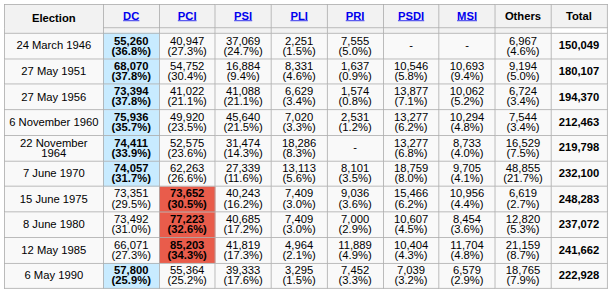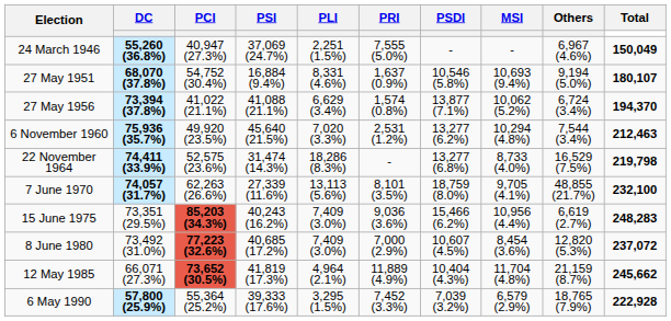 <table class="wikitable" style="text-align:center;font-size:90%;line-height:13px">
 <tr style="height:30px; background-color:#E9E9E9">
 <th style="width:120px;" rowspan="2">Election</th>
 <th style="width:65px;"><a href='#'>DC</a></th>
 <th style="width:65px;"><a href='#'>PCI</a></th>
 <th style="width:65px;"><a href='#'>PSI</a></th>
 <th style="width:65px;"><a href='#'>PLI</a></th>
 <th style="width:65px;"><a href='#'>PRI</a></th>
 <th style="width:65px;"><a href='#'>PSDI</a></th>
 <th style="width:65px;"><a href='#'>MSI</a></th>
 <th style="width:65px;">Others</th>
 <th style="width:65px;">Total</th>
 </tr>
 <tr>
 <th style="background:"></th>
 <th style="background:"></th>
 <th style="background:"></th>
 <th style="background:"></th>
 <th style="background:"></th>
 <th style="background:"></th>
 <th style="background:"></th>
 <th style="background:"></th>
 <th style="background:white;"></th>
 </tr>
 <tr>
 <td>24 March 1946</td>
 <td style="background:#C8EBFF"><strong>55,260 <br>(36.8%)</strong></td>
 <td>40,947 <br>(27.3%)</td>
 <td>37,069 <br>(24.7%)</td>
 <td>2,251 <br>(1.5%)</td>
 <td>7,555 <br>(5.0%)</td>
 <td>-</td>
 <td>-</td>
 <td>6,967 <br>(4.6%)</td>
 <td><strong>150,049</strong></td>
 </tr>
 <tr>
 <td>27 May 1951</td>
 <td style="background:#C8EBFF"><strong>68,070 <br>(37.8%)</strong></td>
 <td>54,752 <br>(30.4%)</td>
 <td>16,884 <br>(9.4%)</td>
 <td>8,331 <br>(4.6%)</td>
 <td>1,637 <br>(0.9%)</td>
 <td>10,546 <br>(5.8%)</td>
 <td>10,693 <br>(9.4%)</td>
 <td>9,194 <br>(5.0%)</td>
 <td><strong>180,107</strong></td>
 </tr>
 <tr>
 <td>27 May 1956</td>
 <td style="background:#C8EBFF"><strong>73,394 <br>(37.8%)</strong></td>
 <td>41,022 <br>(21.1%)</td>
 <td>41,088 <br>(21.1%)</td>
 <td>6,629 <br>(3.4%)</td>
 <td>1,574 <br>(0.8%)</td>
 <td>13,877 <br>(7.1%)</td>
 <td>10,062 <br>(5.2%)</td>
 <td>6,724 <br>(3.4%)</td>
 <td><strong>194,370</strong></td>
 </tr>
 <tr>
 <td>6 November 1960</td>
 <td style="background:#C8EBFF"><strong>75,936 <br>(35.7%)</strong></td>
 <td>49,920 <br>(23.5%)</td>
 <td>45,640 <br>(21.5%)</td>
 <td>7,020 <br>(3.3%)</td>
 <td>2,531 <br>(1.2%)</td>
 <td>13,277 <br>(6.2%)</td>
 <td>10,294 <br>(4.8%)</td>
 <td>7,544 <br>(3.4%)</td>
 <td><strong>212,463</strong></td>
 </tr>
 <tr>
 <td>22 November 1964</td>
 <td style="background:#C8EBFF"><strong>74,411 <br>(33.9%)</strong></td>
 <td>52,575 <br>(23.6%)</td>
 <td>31,474 <br>(14.3%)</td>
 <td>18,286 <br>(8.3%)</td>
 <td>-</td>
 <td>13,277 <br>(6.8%)</td>
 <td>8,733 <br>(4.0%)</td>
 <td>16,529 <br>(7.5%)</td>
 <td><strong>219,798</strong></td>
 </tr>
 <tr>
 <td>7 June 1970</td>
 <td style="background:#C8EBFF"><strong>74,057 <br>(31.7%)</strong></td>
 <td>62,263 <br>(26.6%)</td>
 <td>27,339 <br>(11.6%)</td>
 <td>13,113 <br>(5.6%)</td>
 <td>8,101 <br>(3.5%)</td>
 <td>18,759 <br>(8.0%)</td>
 <td>9,705 <br>(4.1%)</td>
 <td>48,855 <br>(21.7%)</td>
 <td><strong>232,100</strong></td>
 </tr>
 <tr>
 <td>15 June 1975</td>
 <td>73,351 <br>(29.5%)</td>
-<td style="background:#E95C4B"><strong>73,652 <br>(30.5%)</strong></td>
+<td style="background:#E95C4B"><strong>85,203 <br>(34.3%)</strong></td>
 <td>40,243 <br>(16.2%)</td>
 <td>7,409 <br>(3.0%)</td>
 <td>9,036 <br>(3.6%)</td>
 <td>15,466 <br>(6.2%)</td>
 <td>10,956 <br>(4.4%)</td>
 <td>6,619 <br>(2.7%)</td>
 <td><strong>248,283</strong></td>
 </tr>
 <tr>
 <td>8 June 1980</td>
 <td>73,492 <br>(31.0%)</td>
 <td style="background:#E95C4B"><strong>77,223 <br>(32.6%)</strong></td>
 <td>40,685 <br>(17.2%)</td>
 <td>7,409 <br>(3.0%)</td>
 <td>7,000 <br>(2.9%)</td>
 <td>10,607 <br>(4.5%)</td>
 <td>8,454 <br>(3.6%)</td>
 <td>12,820 <br>(5.3%)</td>
 <td><strong>237,072</strong></td>
 </tr>
 <tr>
 <td>12 May 1985</td>
 <td>66,071 <br>(27.3%)</td>
-<td style="background:#E95C4B"><strong>85,203 <br>(34.3%)</strong></td>
+<td style="background:#E95C4B"><strong>73,652 <br>(30.5%)</strong></td>
 <td>41,819 <br>(17.3%)</td>
 <td>4,964 <br>(2.1%)</td>
 <td>11,889 <br>(4.9%)</td>
 <td>10,404 <br>(4.3%)</td>
 <td>11,704 <br>(4.8%)</td>
 <td>21,159 <br>(8.7%)</td>
-<td><strong>241,662</strong></td>
+<td><strong>245,662</strong></td>
 </tr>
 <tr>
 <td>6 May 1990</td>
 <td style="background:#C8EBFF"><strong>57,800 <br>(25.9%)</strong></td>
 <td>55,364 <br>(25.2%)</td>
 <td>39,333 <br>(17.6%)</td>
 <td>3,295 <br>(1.5%)</td>
 <td>7,452 <br>(3.3%)</td>
 <td>7,039 <br>(3.2%)</td>
 <td>6,579 <br>(2.9%)</td>
 <td>18,765 <br>(7.9%)</td>
 <td><strong>222,928</strong></td>
 </tr>
 </table>
